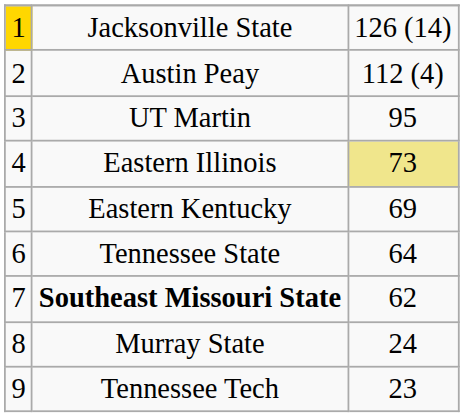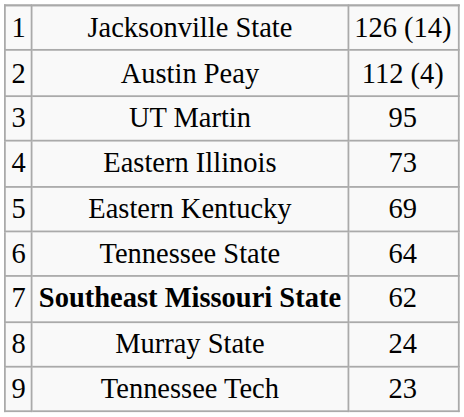 <table class="wikitable" style="display: inline-table;">
 <tr align="center">
 </tr>
 <tr align="center">
-<td style="background: gold;">1</td>
+<td>1</td>
 <td>Jacksonville State</td>
 <td>126 (14)</td>
 </tr>
 <tr align="center">
 <td>2</td>
 <td>Austin Peay</td>
 <td>112 (4)</td>
 </tr>
 <tr align="center">
 <td>3</td>
 <td>UT Martin</td>
 <td>95</td>
 </tr>
 <tr align="center">
 <td>4</td>
 <td>Eastern Illinois</td>
-<td style="background: khaki;">73</td>
+<td>73</td>
 </tr>
 <tr align="center">
 <td>5</td>
 <td>Eastern Kentucky</td>
 <td>69</td>
 </tr>
 <tr align="center">
 <td>6</td>
 <td>Tennessee State</td>
 <td>64</td>
 </tr>
 <tr align="center">
 <td>7</td>
 <td><strong>Southeast Missouri State</strong></td>
 <td>62</td>
 </tr>
 <tr align="center">
 <td>8</td>
 <td>Murray State</td>
 <td>24</td>
 </tr>
 <tr align="center">
 <td>9</td>
 <td>Tennessee Tech</td>
 <td>23</td>
 </tr>
 </table>
